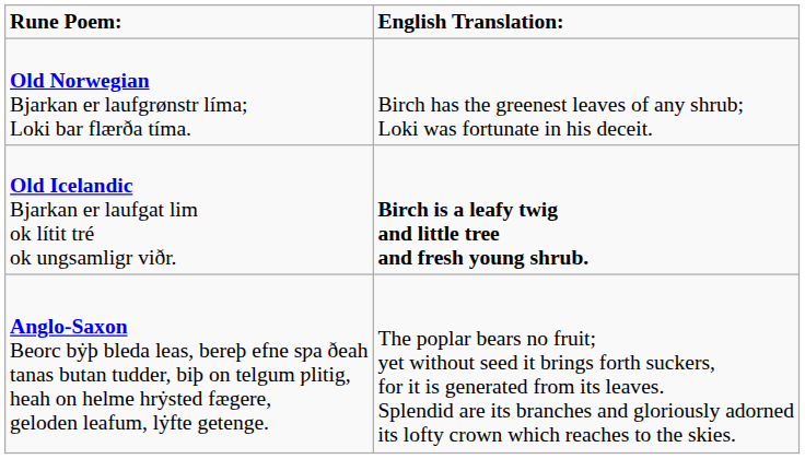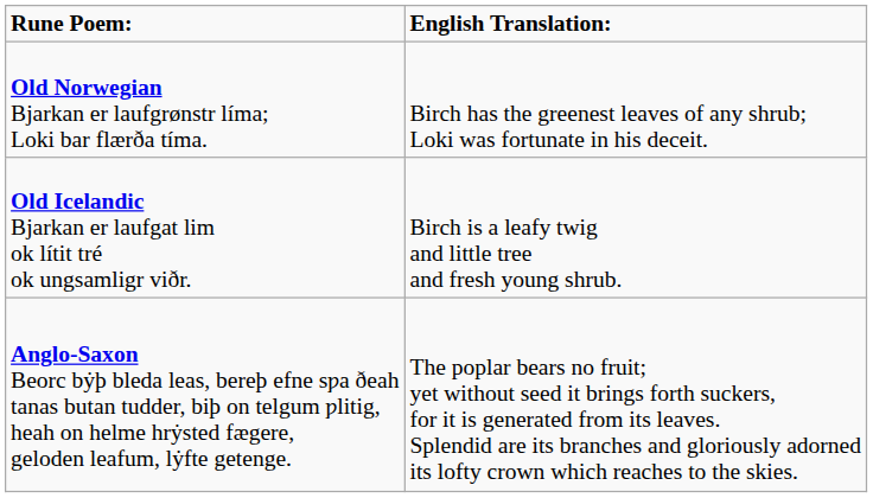 <table class="wikitable">
 <tr>
 <td><strong>Rune Poem:</strong></td>
 <td><strong>English Translation:</strong></td>
 </tr>
 <tr>
 <td><br><strong><a href='#'>Old Norwegian</a></strong> <br> Bjarkan er laufgrønstr líma; <br>Loki bar flærða tíma.</td>
 <td><br><br>Birch has the greenest leaves of any shrub; <br>Loki was fortunate in his deceit.</td>
 </tr>
 <tr>
 <td><br><strong><a href='#'>Old Icelandic</a></strong> <br> Bjarkan er laufgat lim <br>ok lítit tré <br>ok ungsamligr viðr.</td>
-<td><strong><br><br>Birch is a leafy twig <br>and little tree <br>and fresh young shrub.</strong></td>
+<td><br><br>Birch is a leafy twig <br>and little tree <br>and fresh young shrub.</td>
 </tr>
 <tr>
 <td><br><strong><a href='#'>Anglo-Saxon</a></strong> <br> Beorc bẏþ bleda leas, bereþ efne sƿa ðeah <br>tanas butan tudder, biþ on telgum ƿlitig, <br>heah on helme hrẏsted fægere, <br>geloden leafum, lẏfte getenge.</td>
 <td><br><br>The poplar bears no fruit;  <br>yet without seed it brings forth suckers, <br>for it is generated from its leaves. <br>Splendid are its branches and gloriously adorned <br>its lofty crown which reaches to the skies.</td>
 </tr>
 </table>
